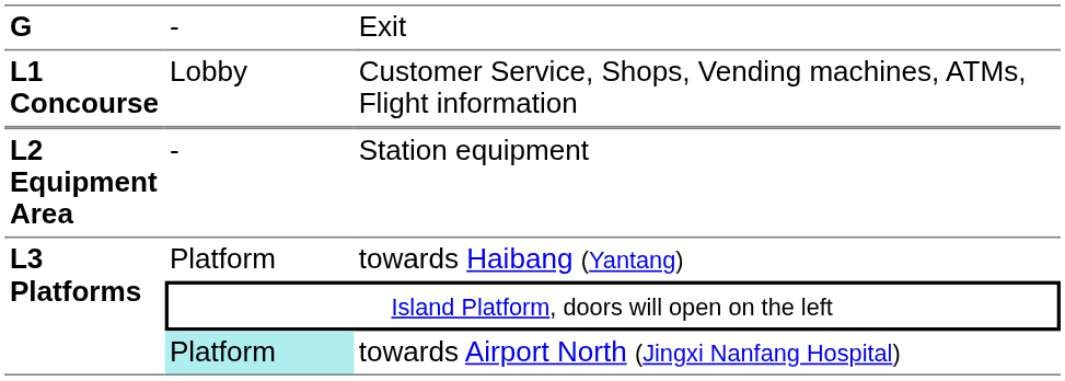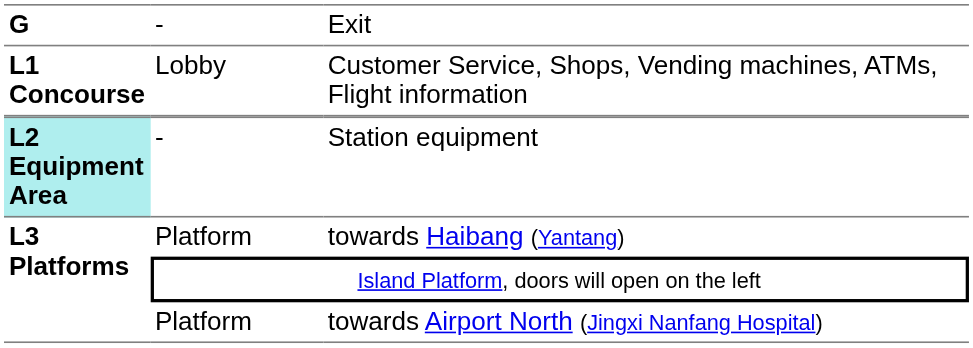 <table table border=0 cellspacing=0 cellpadding=3>
 <tr>
 <td style="border-top:solid 1px gray;" width=50 valign=top><strong>G</strong></td>
 <td style="border-top:solid 1px gray;" width=100 valign=top>-</td>
 <td style="border-top:solid 1px gray;" width=390 valign=top>Exit</td>
 </tr>
 <tr>
 <td style="border-bottom:solid 1px gray; border-top:solid 1px gray;" valign=top width=50><strong>L1<br>Concourse</strong></td>
 <td style="border-bottom:solid 1px gray; border-top:solid 1px gray;" valign=top width=100>Lobby</td>
 <td style="border-bottom:solid 1px gray; border-top:solid 1px gray;" valign=top width=390>Customer Service, Shops, Vending machines, ATMs, Flight information</td>
 </tr>
 <tr>
-<td style="border-bottom:solid 1px gray; border-top:solid 1px gray;" valign=top width=50><strong>L2<br>Equipment Area</strong></td>
+<td style="background: paleturquoise; border-bottom:solid 1px gray; border-top:solid 1px gray;" valign=top width=50><strong>L2<br>Equipment Area</strong></td>
 <td style="border-bottom:solid 1px gray; border-top:solid 1px gray;" valign=top width=100>-</td>
 <td style="border-bottom:solid 1px gray; border-top:solid 1px gray;" valign=top width=390>Station equipment</td>
 </tr>
 <tr>
 <td style="border-bottom:solid 1px gray;" rowspan=3 valign=top><strong>L3<br>Platforms</strong></td>
 <td>Platform </td>
 <td>  towards <a href='#'>Haibang</a> <small>(<a href='#'>Yantang</a>)</small></td>
 </tr>
 <tr>
 <td style="border-right:solid 2px black;border-left:solid 2px black;border-top:solid 2px black;border-bottom:solid 2px black;text-align:center;" colspan=2><small><a href='#'>Island Platform</a>, doors will open on the left</small></td>
 </tr>
 <tr>
-<td style="background: paleturquoise; border-bottom:solid 1px gray;">Platform </td>
+<td style="border-bottom:solid 1px gray;">Platform </td>
 <td style="border-bottom:solid 1px gray;"> towards <a href='#'>Airport North</a> <small>(<a href='#'>Jingxi Nanfang Hospital</a>)</small> </td>
 </tr>
 </table>
